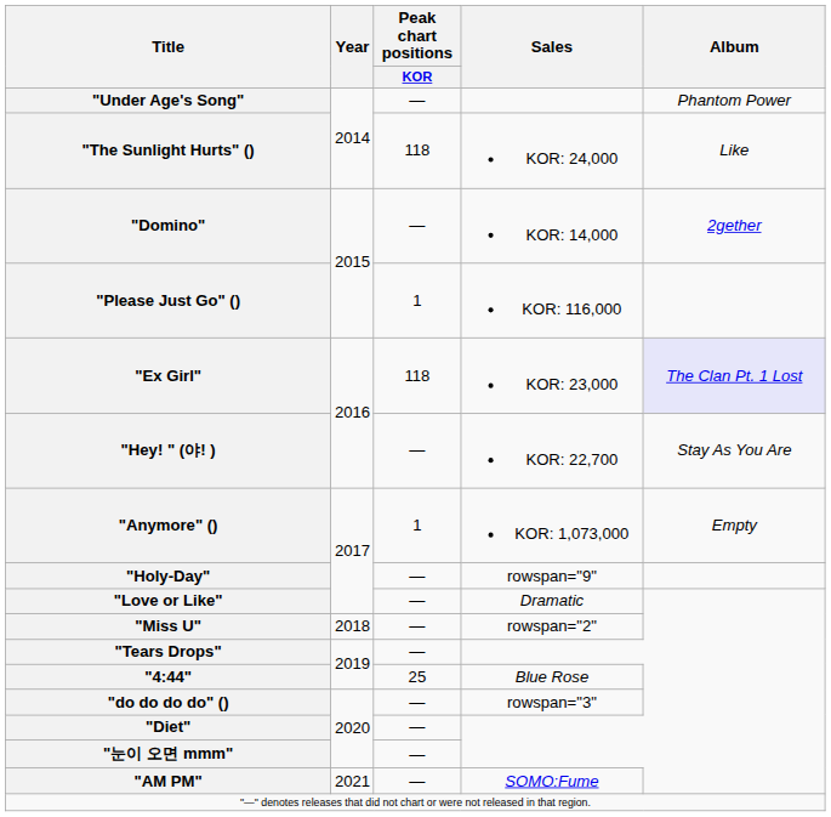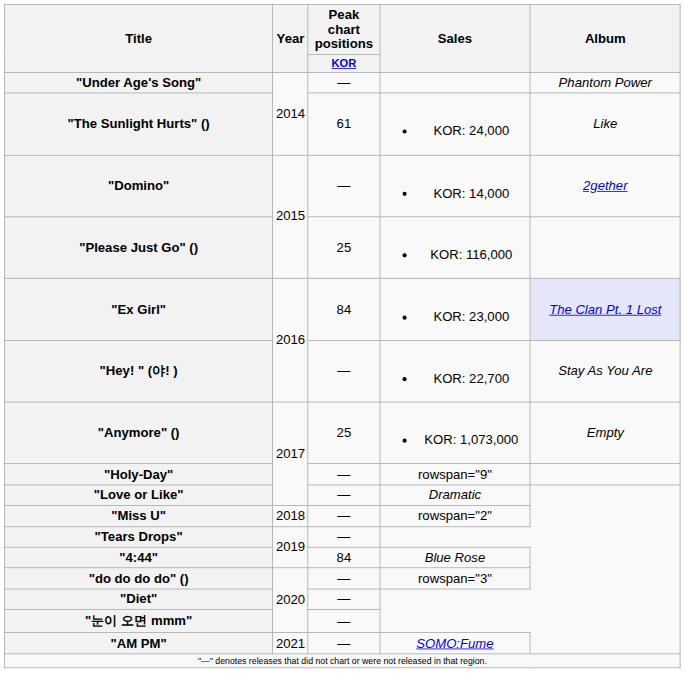 <table class="wikitable plainrowheaders" style="text-align:center" border="1">
 <tr>
 <th rowspan="2" scope="col" style="width:20em">Title</th>
 <th rowspan="2" scope="col">Year</th>
 <th colspan="1" scope="col" style="width:5em">Peak chart positions</th>
 <th rowspan="2" scope="col" style="width:11em">Sales</th>
 <th rowspan="2" scope="col" style="width:11em">Album</th>
 </tr>
 <tr>
 <th scope="col" style="width:3em;font-size:85%"><a href='#'>KOR</a><br></th>
 </tr>
 <tr>
 <th scope="row">"Under Age's Song" <br></th>
 <td rowspan="2">2014</td>
 <td>—</td>
 <td></td>
 <td><em>Phantom Power</em></td>
 </tr>
 <tr>
 <th scope="row">"The Sunlight Hurts" () <br></th>
-<td>118</td>
+<td>61</td>
 <td><br><ul><li>KOR: 24,000</li></ul></td>
 <td><em>Like</em></td>
 </tr>
 <tr>
 <th scope="row">"Domino" <br></th>
 <td rowspan="2">2015</td>
 <td>—</td>
 <td><br><ul><li>KOR: 14,000</li></ul></td>
 <td><em><a href='#'>2gether</a></em></td>
 </tr>
 <tr>
 <th scope="row">"Please Just Go" () <br></th>
-<td>1</td>
+<td>25</td>
 <td><br><ul><li>KOR: 116,000</li></ul></td>
 <td></td>
 </tr>
 <tr>
 <th scope="row">"Ex Girl" <br></th>
 <td rowspan="2">2016</td>
-<td>118</td>
+<td>84</td>
 <td><br><ul><li>KOR: 23,000</li></ul></td>
 <td style="background: lavender;"><em><a href='#'>The Clan Pt. 1 Lost</a></em></td>
 </tr>
 <tr>
 <th scope="row">"Hey! " (야! ) <br></th>
 <td>—</td>
 <td><br><ul><li>KOR: 22,700</li></ul></td>
 <td><em>Stay As You Are</em></td>
 </tr>
 <tr>
 <th scope="row">"Anymore" () <br></th>
 <td rowspan="3">2017</td>
-<td>1</td>
+<td>25</td>
 <td><br><ul><li>KOR: 1,073,000</li></ul></td>
 <td><em>Empty</em></td>
 </tr>
 <tr>
 <th scope="row">"Holy-Day" <br></th>
 <td>—</td>
 <td>rowspan="9" </td>
 <td></td>
 </tr>
 <tr>
 <th scope="row">"Love or Like" <br></th>
 <td>—</td>
 <td><em>Dramatic</em></td>
 </tr>
 <tr>
 <th scope="row">"Miss U" <br></th>
 <td>2018</td>
 <td>—</td>
 <td>rowspan="2" </td>
 </tr>
 <tr>
 <th scope="row">"Tears Drops" <br></th>
 <td rowspan="2">2019</td>
 <td>—</td>
 </tr>
 <tr>
 <th scope="row">"4:44" <br></th>
-<td>25</td>
+<td>84</td>
 <td><em>Blue Rose</em></td>
 </tr>
 <tr>
 <th scope="row">"do do do do" ()<br></th>
 <td rowspan="3">2020</td>
 <td>—</td>
 <td>rowspan="3" </td>
 </tr>
 <tr>
 <th scope="row">"Diet" <br></th>
 <td>—</td>
 </tr>
 <tr>
 <th scope="row">"눈이 오면 mmm" <br></th>
 <td>—</td>
 </tr>
 <tr>
 <th scope="row">"AM PM" <br></th>
 <td>2021</td>
 <td>—</td>
 <td><em><a href='#'>SOMO:Fume</a></em></td>
 </tr>
 <tr>
 <td colspan="5" style="font-size:8pt">"—" denotes releases that did not chart or were not released in that region.</td>
 </tr>
 </table>
